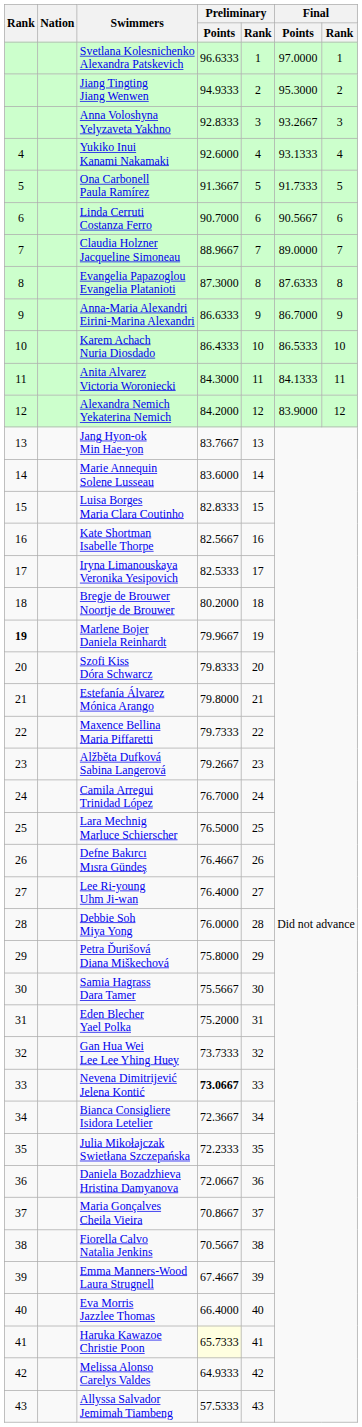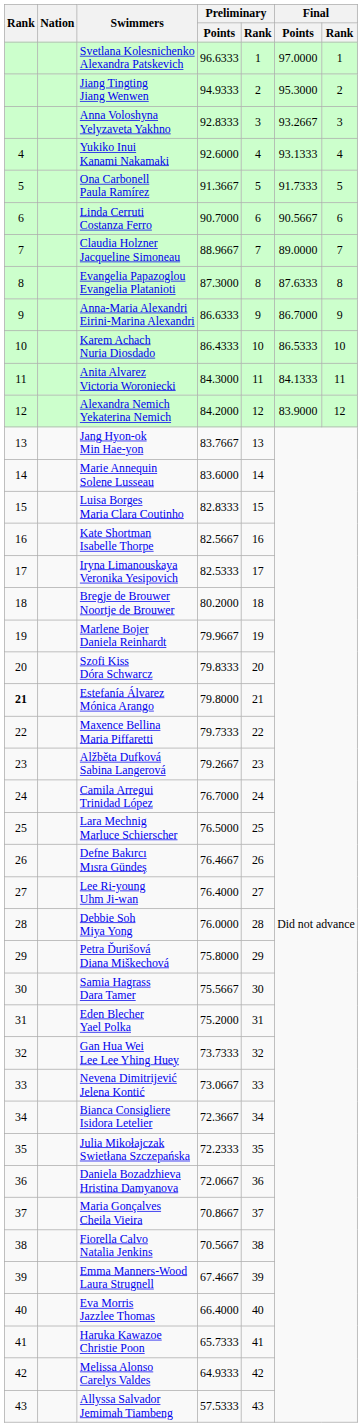 <table class="wikitable sortable" style="text-align:center">
 <tr>
 <th rowspan=2>Rank</th>
 <th rowspan=2>Nation</th>
 <th rowspan=2>Swimmers</th>
 <th colspan=2>Preliminary</th>
 <th colspan=2>Final</th>
 </tr>
 <tr>
 <th>Points</th>
 <th>Rank</th>
 <th>Points</th>
 <th>Rank</th>
 </tr>
 <tr bgcolor=ccffcc>
 <td></td>
 <td align=left></td>
 <td align=left><a href='#'>Svetlana Kolesnichenko</a><br><a href='#'>Alexandra Patskevich</a></td>
 <td>96.6333</td>
 <td>1</td>
 <td>97.0000</td>
 <td>1</td>
 </tr>
 <tr bgcolor=ccffcc>
 <td></td>
 <td align=left></td>
 <td align=left><a href='#'>Jiang Tingting</a><br><a href='#'>Jiang Wenwen</a></td>
 <td>94.9333</td>
 <td>2</td>
 <td>95.3000</td>
 <td>2</td>
 </tr>
 <tr bgcolor=ccffcc>
 <td></td>
 <td align=left></td>
 <td align=left><a href='#'>Anna Voloshyna</a><br><a href='#'>Yelyzaveta Yakhno</a></td>
 <td>92.8333</td>
 <td>3</td>
 <td>93.2667</td>
 <td>3</td>
 </tr>
 <tr bgcolor=ccffcc>
 <td>4</td>
 <td align=left></td>
 <td align=left><a href='#'>Yukiko Inui</a><br><a href='#'>Kanami Nakamaki</a></td>
 <td>92.6000</td>
 <td>4</td>
 <td>93.1333</td>
 <td>4</td>
 </tr>
 <tr bgcolor=ccffcc>
 <td>5</td>
 <td align=left></td>
 <td align=left><a href='#'>Ona Carbonell</a><br><a href='#'>Paula Ramírez</a></td>
 <td>91.3667</td>
 <td>5</td>
 <td>91.7333</td>
 <td>5</td>
 </tr>
 <tr bgcolor=ccffcc>
 <td>6</td>
 <td align=left></td>
 <td align=left><a href='#'>Linda Cerruti</a><br><a href='#'>Costanza Ferro</a></td>
 <td>90.7000</td>
 <td>6</td>
 <td>90.5667</td>
 <td>6</td>
 </tr>
 <tr bgcolor=ccffcc>
 <td>7</td>
 <td align=left></td>
 <td align=left><a href='#'>Claudia Holzner</a><br><a href='#'>Jacqueline Simoneau</a></td>
 <td>88.9667</td>
 <td>7</td>
 <td>89.0000</td>
 <td>7</td>
 </tr>
 <tr bgcolor=ccffcc>
 <td>8</td>
 <td align=left></td>
 <td align=left><a href='#'>Evangelia Papazoglou</a><br><a href='#'>Evangelia Platanioti</a></td>
 <td>87.3000</td>
 <td>8</td>
 <td>87.6333</td>
 <td>8</td>
 </tr>
 <tr bgcolor=ccffcc>
 <td>9</td>
 <td align=left></td>
 <td align=left><a href='#'>Anna-Maria Alexandri</a><br><a href='#'>Eirini-Marina Alexandri</a></td>
 <td>86.6333</td>
 <td>9</td>
 <td>86.7000</td>
 <td>9</td>
 </tr>
 <tr bgcolor=ccffcc>
 <td>10</td>
 <td align=left></td>
 <td align=left><a href='#'>Karem Achach</a><br><a href='#'>Nuria Diosdado</a></td>
 <td>86.4333</td>
 <td>10</td>
 <td>86.5333</td>
 <td>10</td>
 </tr>
 <tr bgcolor=ccffcc>
 <td>11</td>
 <td align=left></td>
 <td align=left><a href='#'>Anita Alvarez</a><br><a href='#'>Victoria Woroniecki</a></td>
 <td>84.3000</td>
 <td>11</td>
 <td>84.1333</td>
 <td>11</td>
 </tr>
 <tr bgcolor=ccffcc>
 <td>12</td>
 <td align=left></td>
 <td align=left><a href='#'>Alexandra Nemich</a><br><a href='#'>Yekaterina Nemich</a></td>
 <td>84.2000</td>
 <td>12</td>
 <td>83.9000</td>
 <td>12</td>
 </tr>
 <tr>
 <td>13</td>
 <td align=left></td>
 <td align=left><a href='#'>Jang Hyon-ok</a><br><a href='#'>Min Hae-yon</a></td>
 <td>83.7667</td>
 <td>13</td>
 <td colspan=2 rowspan=31>Did not advance</td>
 </tr>
 <tr>
 <td>14</td>
 <td align=left></td>
 <td align=left><a href='#'>Marie Annequin</a><br><a href='#'>Solene Lusseau</a></td>
 <td>83.6000</td>
 <td>14</td>
 </tr>
 <tr>
 <td>15</td>
 <td align=left></td>
 <td align=left><a href='#'>Luisa Borges</a><br><a href='#'>Maria Clara Coutinho</a></td>
 <td>82.8333</td>
 <td>15</td>
 </tr>
 <tr>
 <td>16</td>
 <td align=left></td>
 <td align=left><a href='#'>Kate Shortman</a><br><a href='#'>Isabelle Thorpe</a></td>
 <td>82.5667</td>
 <td>16</td>
 </tr>
 <tr>
 <td>17</td>
 <td align=left></td>
 <td align=left><a href='#'>Iryna Limanouskaya</a><br><a href='#'>Veronika Yesipovich</a></td>
 <td>82.5333</td>
 <td>17</td>
 </tr>
 <tr>
 <td>18</td>
 <td align=left></td>
 <td align=left><a href='#'>Bregje de Brouwer</a><br><a href='#'>Noortje de Brouwer</a></td>
 <td>80.2000</td>
 <td>18</td>
 </tr>
 <tr>
-<td><strong>19</strong></td>
+<td>19</td>
 <td align=left></td>
 <td align=left><a href='#'>Marlene Bojer</a><br><a href='#'>Daniela Reinhardt</a></td>
 <td>79.9667</td>
 <td>19</td>
 </tr>
 <tr>
 <td>20</td>
 <td align=left></td>
 <td align=left><a href='#'>Szofi Kiss</a><br><a href='#'>Dóra Schwarcz</a></td>
 <td>79.8333</td>
 <td>20</td>
 </tr>
 <tr>
-<td>21</td>
+<td><strong>21</strong></td>
 <td align=left></td>
 <td align=left><a href='#'>Estefanía Álvarez</a><br><a href='#'>Mónica Arango</a></td>
 <td>79.8000</td>
 <td>21</td>
 </tr>
 <tr>
 <td>22</td>
 <td align=left></td>
 <td align=left><a href='#'>Maxence Bellina</a><br><a href='#'>Maria Piffaretti</a></td>
 <td>79.7333</td>
 <td>22</td>
 </tr>
 <tr>
 <td>23</td>
 <td align=left></td>
 <td align=left><a href='#'>Alžběta Dufková</a><br><a href='#'>Sabina Langerová</a></td>
 <td>79.2667</td>
 <td>23</td>
 </tr>
 <tr>
 <td>24</td>
 <td align=left></td>
 <td align=left><a href='#'>Camila Arregui</a><br><a href='#'>Trinidad López</a></td>
 <td>76.7000</td>
 <td>24</td>
 </tr>
 <tr>
 <td>25</td>
 <td align=left></td>
 <td align=left><a href='#'>Lara Mechnig</a><br><a href='#'>Marluce Schierscher</a></td>
 <td>76.5000</td>
 <td>25</td>
 </tr>
 <tr>
 <td>26</td>
 <td align=left></td>
 <td align=left><a href='#'>Defne Bakırcı</a><br><a href='#'>Mısra Gündeş</a></td>
 <td>76.4667</td>
 <td>26</td>
 </tr>
 <tr>
 <td>27</td>
 <td align=left></td>
 <td align=left><a href='#'>Lee Ri-young</a><br><a href='#'>Uhm Ji-wan</a></td>
 <td>76.4000</td>
 <td>27</td>
 </tr>
 <tr>
 <td>28</td>
 <td align=left></td>
 <td align=left><a href='#'>Debbie Soh</a><br><a href='#'>Miya Yong</a></td>
 <td>76.0000</td>
 <td>28</td>
 </tr>
 <tr>
 <td>29</td>
 <td align=left></td>
 <td align=left><a href='#'>Petra Ďurišová</a><br><a href='#'>Diana Miškechová</a></td>
 <td>75.8000</td>
 <td>29</td>
 </tr>
 <tr>
 <td>30</td>
 <td align=left></td>
 <td align=left><a href='#'>Samia Hagrass</a><br><a href='#'>Dara Tamer</a></td>
 <td>75.5667</td>
 <td>30</td>
 </tr>
 <tr>
 <td>31</td>
 <td align=left></td>
 <td align=left><a href='#'>Eden Blecher</a><br><a href='#'>Yael Polka</a></td>
 <td>75.2000</td>
 <td>31</td>
 </tr>
 <tr>
 <td>32</td>
 <td align=left></td>
 <td align=left><a href='#'>Gan Hua Wei</a><br><a href='#'>Lee Lee Yhing Huey</a></td>
 <td>73.7333</td>
 <td>32</td>
 </tr>
 <tr>
 <td>33</td>
 <td align=left></td>
 <td align=left><a href='#'>Nevena Dimitrijević</a><br><a href='#'>Jelena Kontić</a></td>
-<td><strong>73.0667</strong></td>
+<td>73.0667</td>
 <td>33</td>
 </tr>
 <tr>
 <td>34</td>
 <td align=left></td>
 <td align=left><a href='#'>Bianca Consigliere</a><br><a href='#'>Isidora Letelier</a></td>
 <td>72.3667</td>
 <td>34</td>
 </tr>
 <tr>
 <td>35</td>
 <td align=left></td>
 <td align=left><a href='#'>Julia Mikołajczak</a><br><a href='#'>Swietłana Szczepańska</a></td>
 <td>72.2333</td>
 <td>35</td>
 </tr>
 <tr>
 <td>36</td>
 <td align=left></td>
 <td align=left><a href='#'>Daniela Bozadzhieva</a><br><a href='#'>Hristina Damyanova</a></td>
 <td>72.0667</td>
 <td>36</td>
 </tr>
 <tr>
 <td>37</td>
 <td align=left></td>
 <td align=left><a href='#'>Maria Gonçalves</a><br><a href='#'>Cheila Vieira</a></td>
 <td>70.8667</td>
 <td>37</td>
 </tr>
 <tr>
 <td>38</td>
 <td align=left></td>
 <td align=left><a href='#'>Fiorella Calvo</a><br><a href='#'>Natalia Jenkins</a></td>
 <td>70.5667</td>
 <td>38</td>
 </tr>
 <tr>
 <td>39</td>
 <td align=left></td>
 <td align=left><a href='#'>Emma Manners-Wood</a><br><a href='#'>Laura Strugnell</a></td>
 <td>67.4667</td>
 <td>39</td>
 </tr>
 <tr>
 <td>40</td>
 <td align=left></td>
 <td align=left><a href='#'>Eva Morris</a><br><a href='#'>Jazzlee Thomas</a></td>
 <td>66.4000</td>
 <td>40</td>
 </tr>
 <tr>
 <td>41</td>
 <td align=left></td>
 <td align=left><a href='#'>Haruka Kawazoe</a><br><a href='#'>Christie Poon</a></td>
-<td style="background: lightyellow;">65.7333</td>
+<td>65.7333</td>
 <td>41</td>
 </tr>
 <tr>
 <td>42</td>
 <td align=left></td>
 <td align=left><a href='#'>Melissa Alonso</a><br><a href='#'>Carelys Valdes</a></td>
 <td>64.9333</td>
 <td>42</td>
 </tr>
 <tr>
 <td>43</td>
 <td align=left></td>
 <td align=left><a href='#'>Allyssa Salvador</a><br><a href='#'>Jemimah Tiambeng</a></td>
 <td>57.5333</td>
 <td>43</td>
 </tr>
 </table>
